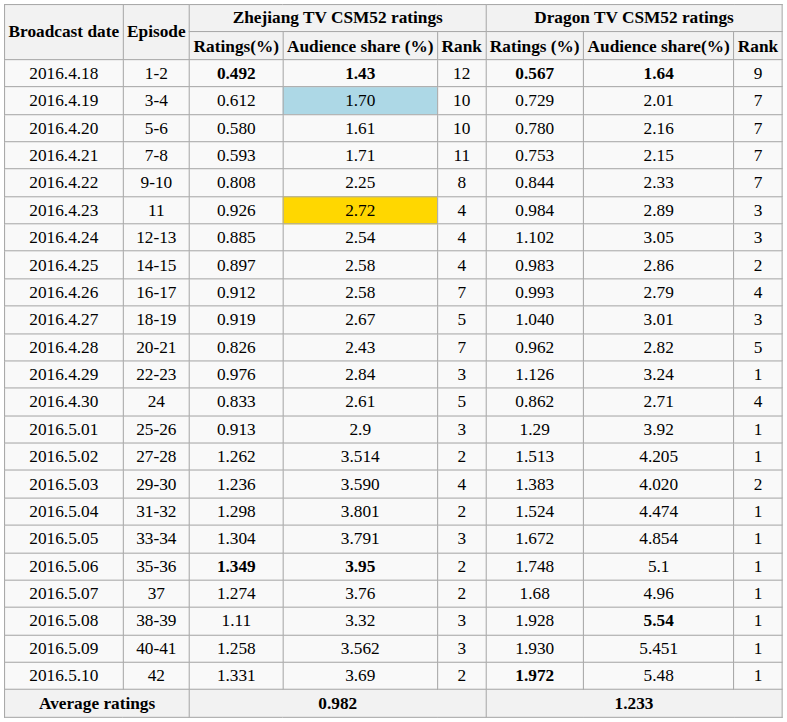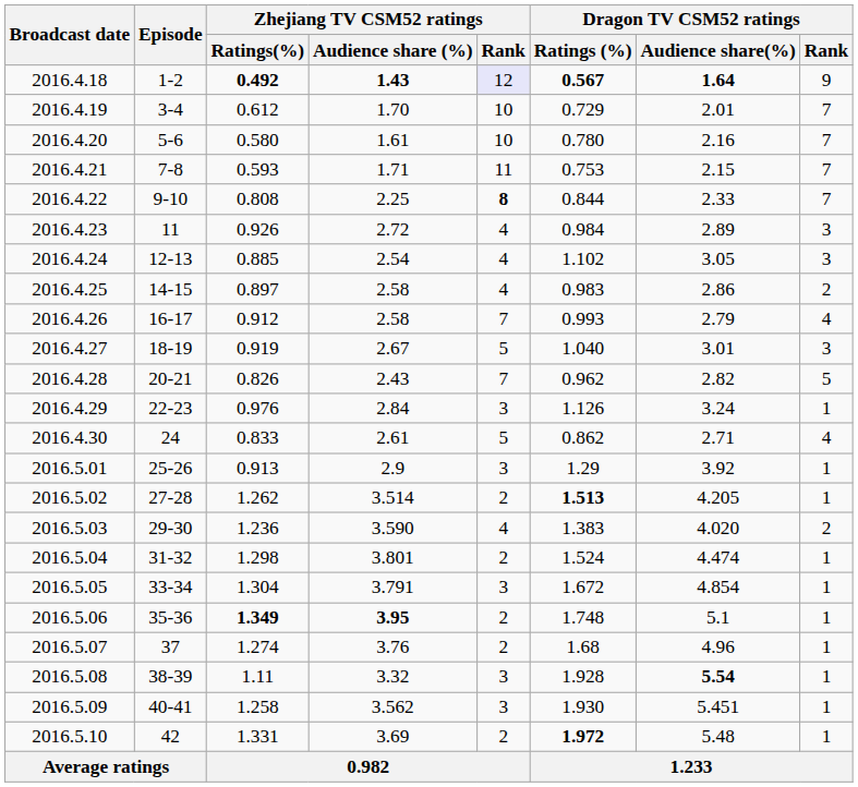 <table class="wikitable sortable mw-collapsible mw-collapsed jquery-tablesorter" style="text-align:center">
 <tr>
 <th colspan="1" rowspan="2">Broadcast date</th>
 <th colspan="1" rowspan="2">Episode</th>
 <th colspan="3" rowspan="1">Zhejiang TV CSM52 ratings</th>
 <th colspan="3" rowspan="1">Dragon TV CSM52 ratings</th>
 </tr>
 <tr>
 <th>Ratings(%)</th>
 <th>Audience share (%)</th>
 <th>Rank</th>
 <th>Ratings (%)</th>
 <th>Audience share(%)</th>
 <th>Rank</th>
 </tr>
 <tr>
 <td>2016.4.18</td>
 <td>1-2</td>
 <td><strong><span>0.492</span></strong></td>
 <td><strong><span>1.43</span></strong></td>
-<td>12</td>
+<td style="background: lavender;">12</td>
 <td><strong><span>0.567</span></strong></td>
 <td><strong><span>1.64</span></strong></td>
 <td>9</td>
 </tr>
 <tr>
 <td>2016.4.19</td>
 <td>3-4</td>
 <td>0.612</td>
-<td style="background: lightblue;">1.70</td>
+<td>1.70</td>
 <td>10</td>
 <td>0.729</td>
 <td>2.01</td>
 <td>7</td>
 </tr>
 <tr>
 <td>2016.4.20</td>
 <td>5-6</td>
 <td>0.580</td>
 <td>1.61</td>
 <td>10</td>
 <td>0.780</td>
 <td>2.16</td>
 <td>7</td>
 </tr>
 <tr>
 <td>2016.4.21</td>
 <td>7-8</td>
 <td>0.593</td>
 <td>1.71</td>
 <td>11</td>
 <td>0.753</td>
 <td>2.15</td>
 <td>7</td>
 </tr>
 <tr>
 <td>2016.4.22</td>
 <td>9-10</td>
 <td>0.808</td>
 <td>2.25</td>
-<td>8</td>
+<td><strong>8</strong></td>
 <td>0.844</td>
 <td>2.33</td>
 <td>7</td>
 </tr>
 <tr>
 <td>2016.4.23</td>
 <td>11</td>
 <td>0.926</td>
-<td style="background: gold;">2.72</td>
+<td>2.72</td>
 <td>4</td>
 <td>0.984</td>
 <td>2.89</td>
 <td>3</td>
 </tr>
 <tr>
 <td>2016.4.24</td>
 <td>12-13</td>
 <td>0.885</td>
 <td>2.54</td>
 <td>4</td>
 <td>1.102</td>
 <td>3.05</td>
 <td>3</td>
 </tr>
 <tr>
 <td>2016.4.25</td>
 <td>14-15</td>
 <td>0.897</td>
 <td>2.58</td>
 <td>4</td>
 <td>0.983</td>
 <td>2.86</td>
 <td>2</td>
 </tr>
 <tr>
 <td>2016.4.26</td>
 <td>16-17</td>
 <td>0.912</td>
 <td>2.58</td>
 <td>7</td>
 <td>0.993</td>
 <td>2.79</td>
 <td>4</td>
 </tr>
 <tr>
 <td>2016.4.27</td>
 <td>18-19</td>
 <td>0.919</td>
 <td>2.67</td>
 <td>5</td>
 <td>1.040</td>
 <td>3.01</td>
 <td>3</td>
 </tr>
 <tr>
 <td>2016.4.28</td>
 <td>20-21</td>
 <td>0.826</td>
 <td>2.43</td>
 <td>7</td>
 <td>0.962</td>
 <td>2.82</td>
 <td>5</td>
 </tr>
 <tr>
 <td>2016.4.29</td>
 <td>22-23</td>
 <td>0.976</td>
 <td>2.84</td>
 <td>3</td>
 <td>1.126</td>
 <td>3.24</td>
 <td>1</td>
 </tr>
 <tr>
 <td>2016.4.30</td>
 <td>24</td>
 <td>0.833</td>
 <td>2.61</td>
 <td>5</td>
 <td>0.862</td>
 <td>2.71</td>
 <td>4</td>
 </tr>
 <tr>
 <td>2016.5.01</td>
 <td>25-26</td>
 <td>0.913</td>
 <td>2.9</td>
 <td>3</td>
 <td>1.29</td>
 <td>3.92</td>
 <td>1</td>
 </tr>
 <tr>
 <td>2016.5.02</td>
 <td>27-28</td>
 <td>1.262</td>
 <td>3.514</td>
 <td>2</td>
-<td>1.513</td>
+<td><strong>1.513</strong></td>
 <td>4.205</td>
 <td>1</td>
 </tr>
 <tr>
 <td>2016.5.03</td>
 <td>29-30</td>
 <td>1.236</td>
 <td>3.590</td>
 <td>4</td>
 <td>1.383</td>
 <td>4.020</td>
 <td>2</td>
 </tr>
 <tr>
 <td>2016.5.04</td>
 <td>31-32</td>
 <td>1.298</td>
 <td>3.801</td>
 <td>2</td>
 <td>1.524</td>
 <td>4.474</td>
 <td>1</td>
 </tr>
 <tr>
 <td>2016.5.05</td>
 <td>33-34</td>
 <td>1.304</td>
 <td>3.791</td>
 <td>3</td>
 <td>1.672</td>
 <td>4.854</td>
 <td>1</td>
 </tr>
 <tr>
 <td>2016.5.06</td>
 <td>35-36</td>
 <td><strong><span>1.349</span></strong></td>
 <td><strong><span>3.95</span></strong></td>
 <td>2</td>
 <td>1.748</td>
 <td>5.1</td>
 <td>1</td>
 </tr>
 <tr>
 <td>2016.5.07</td>
 <td>37</td>
 <td>1.274</td>
 <td>3.76</td>
 <td>2</td>
 <td>1.68</td>
 <td>4.96</td>
 <td>1</td>
 </tr>
 <tr>
 <td>2016.5.08</td>
 <td>38-39</td>
 <td>1.11</td>
 <td>3.32</td>
 <td>3</td>
 <td>1.928</td>
 <td><strong><span>5.54</span></strong></td>
 <td>1</td>
 </tr>
 <tr>
 <td>2016.5.09</td>
 <td>40-41</td>
 <td>1.258</td>
 <td>3.562</td>
 <td>3</td>
 <td>1.930</td>
 <td>5.451</td>
 <td>1</td>
 </tr>
 <tr>
 <td>2016.5.10</td>
 <td>42</td>
 <td>1.331</td>
 <td>3.69</td>
 <td>2</td>
 <td><strong><span>1.972</span></strong></td>
 <td>5.48</td>
 <td>1</td>
 </tr>
 <tr>
 <th colspan="2" rowspan="1"><strong>Average ratings</strong></th>
 <th colspan="3" rowspan="1">0.982</th>
 <th colspan="3" rowspan="1">1.233</th>
 </tr>
 </table>
